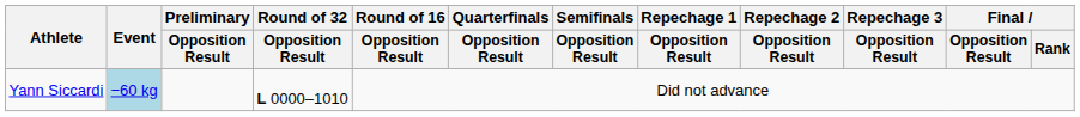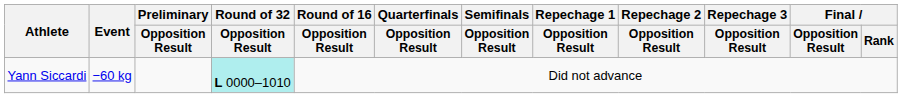 <table class="wikitable" style="font-size:90%">
 <tr>
 <th rowspan="2">Athlete</th>
 <th rowspan="2">Event</th>
 <th>Preliminary</th>
 <th>Round of 32</th>
 <th>Round of 16</th>
 <th>Quarterfinals</th>
 <th>Semifinals</th>
 <th>Repechage 1</th>
 <th>Repechage 2</th>
 <th>Repechage 3</th>
 <th colspan=2>Final / </th>
 </tr>
 <tr style="font-size:95%">
 <th>Opposition<br>Result</th>
 <th>Opposition<br>Result</th>
 <th>Opposition<br>Result</th>
 <th>Opposition<br>Result</th>
 <th>Opposition<br>Result</th>
 <th>Opposition<br>Result</th>
 <th>Opposition<br>Result</th>
 <th>Opposition<br>Result</th>
 <th>Opposition<br>Result</th>
 <th>Rank</th>
 </tr>
 <tr align=center>
 <td align=left><a href='#'>Yann Siccardi</a></td>
-<td align=left style="background: lightblue;"><a href='#'>−60 kg</a></td>
+<td align=left><a href='#'>−60 kg</a></td>
 <td></td>
-<td><br><strong>L</strong> 0000–1010</td>
+<td style="background: paleturquoise;"><br><strong>L</strong> 0000–1010</td>
 <td colspan=8>Did not advance</td>
 </tr>
 </table>
